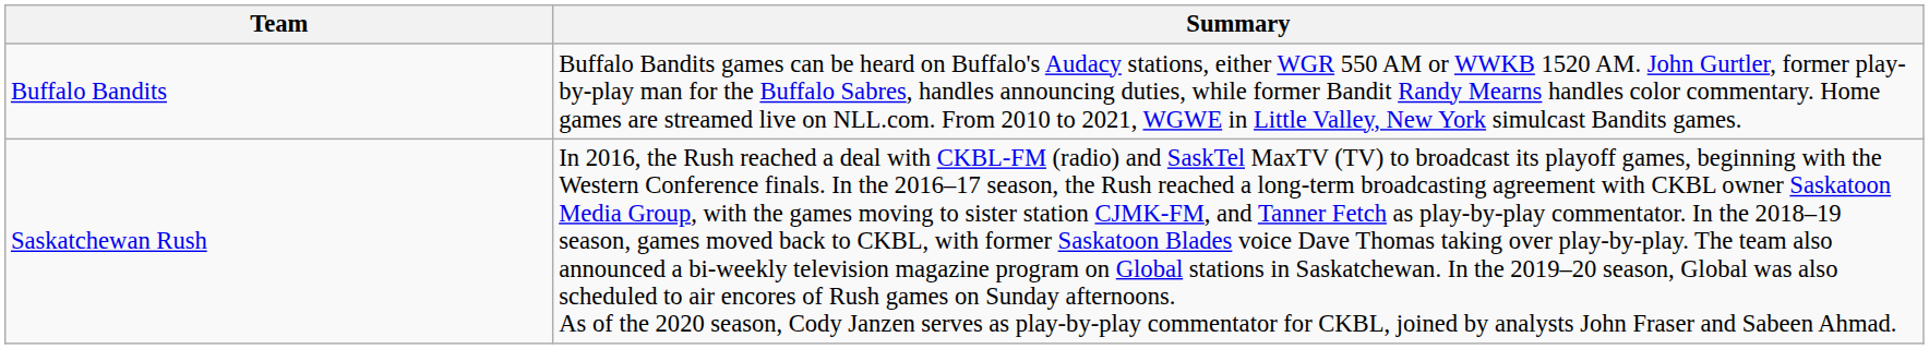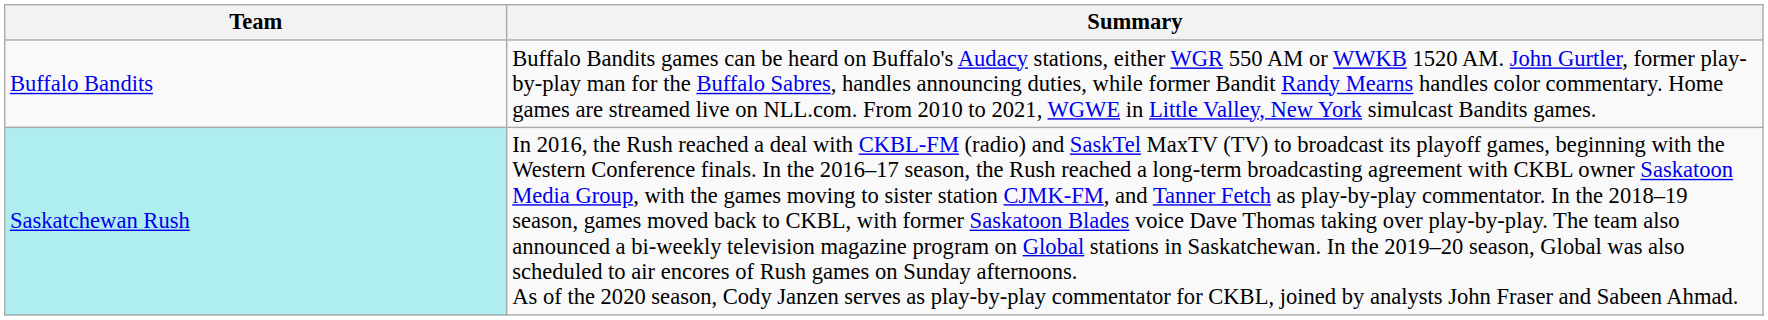 <table class="wikitable">
 <tr>
 <th width=10%>Team</th>
 <th width=25%>Summary</th>
 </tr>
 <tr>
 <td><a href='#'>Buffalo Bandits</a></td>
 <td>Buffalo Bandits games can be heard on Buffalo's <a href='#'>Audacy</a> stations, either <a href='#'>WGR</a> 550 AM or <a href='#'>WWKB</a> 1520 AM. <a href='#'>John Gurtler</a>, former play-by-play man for the <a href='#'>Buffalo Sabres</a>, handles announcing duties, while former Bandit <a href='#'>Randy Mearns</a> handles color commentary. Home games are streamed live on NLL.com. From 2010 to 2021, <a href='#'>WGWE</a> in <a href='#'>Little Valley, New York</a> simulcast Bandits games.</td>
 </tr>
 <tr>
-<td><a href='#'>Saskatchewan Rush</a></td>
+<td style="background: paleturquoise;"><a href='#'>Saskatchewan Rush</a></td>
 <td>In 2016, the Rush reached a deal with <a href='#'>CKBL-FM</a> (radio) and <a href='#'>SaskTel</a> MaxTV (TV) to broadcast its playoff games, beginning with the Western Conference finals. In the 2016–17 season, the Rush reached a long-term broadcasting agreement with CKBL owner <a href='#'>Saskatoon Media Group</a>, with the games moving to sister station <a href='#'>CJMK-FM</a>, and <a href='#'>Tanner Fetch</a> as play-by-play commentator. In the 2018–19 season, games moved back to CKBL, with former <a href='#'>Saskatoon Blades</a> voice Dave Thomas  taking over play-by-play. The team also announced a bi-weekly television magazine program on <a href='#'>Global</a> stations in Saskatchewan. In the 2019–20 season, Global was also scheduled to air encores of Rush games on Sunday afternoons.<br>As of the 2020 season, Cody Janzen serves as play-by-play commentator for CKBL, joined by analysts John Fraser and Sabeen Ahmad.</td>
 </tr>
 </table>
